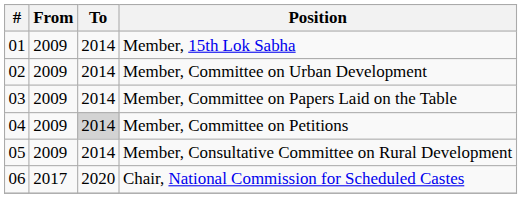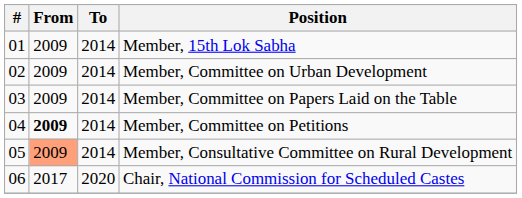 <table class="wikitable sortable">
 <tr>
 <th>#</th>
 <th>From</th>
 <th>To</th>
 <th>Position</th>
 </tr>
 <tr>
 <td>01</td>
 <td>2009</td>
 <td>2014</td>
 <td>Member, <a href='#'>15th Lok Sabha</a></td>
 </tr>
 <tr>
 <td>02</td>
 <td>2009</td>
 <td>2014</td>
 <td>Member, Committee on Urban Development</td>
 </tr>
 <tr>
 <td>03</td>
 <td>2009</td>
 <td>2014</td>
 <td>Member, Committee on Papers Laid on the Table</td>
 </tr>
 <tr>
 <td>04</td>
-<td>2009</td>
-<td style="background: lightgrey;">2014</td>
+<td><strong>2009</strong></td>
+<td>2014</td>
 <td>Member, Committee on Petitions</td>
 </tr>
 <tr>
 <td>05</td>
-<td>2009</td>
+<td style="background: lightsalmon;">2009</td>
 <td>2014</td>
 <td>Member, Consultative Committee on Rural Development</td>
 </tr>
 <tr>
 <td>06</td>
 <td>2017</td>
 <td>2020</td>
 <td>Chair, <a href='#'>National Commission for Scheduled Castes</a></td>
 </tr>
 <tr>
 </tr>
 </table>
